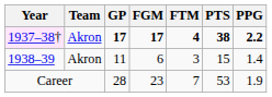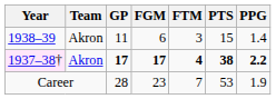 <table class="wikitable sortable" style="font-size:95%; text-align:right;">
 <tr>
 <th>Year</th>
 <th>Team</th>
 <th>GP</th>
 <th>FGM</th>
 <th>FTM</th>
 <th>PTS</th>
 <th>PPG</th>
 </tr>
 <tr>
+<td style="text-align:left;"><a href='#'>1938–39</a></td>
+<td style="text-align:left;">Akron</td>
+<td>11</td>
+<td>6</td>
+<td>3</td>
+<td>15</td>
+<td>1.4</td>
+</tr>
+<tr>
 <td style="text-align:left;background:#ffe6fa;"><a href='#'>1937–38</a>†</td>
 <td style="text-align:left;"><a href='#'>Akron</a></td>
 <td><strong>17</strong></td>
 <td><strong>17</strong></td>
 <td><strong>4</strong></td>
 <td><strong>38</strong></td>
 <td><strong>2.2</strong></td>
-</tr>
-<tr>
-<td style="text-align:left;"><a href='#'>1938–39</a></td>
-<td style="text-align:left;">Akron</td>
-<td>11</td>
-<td>6</td>
-<td>3</td>
-<td>15</td>
-<td>1.4</td>
 </tr>
 <tr>
 <td style="text-align:center;" colspan="2">Career</td>
 <td>28</td>
 <td>23</td>
 <td>7</td>
 <td>53</td>
 <td>1.9</td>
 </tr>
 </table>
